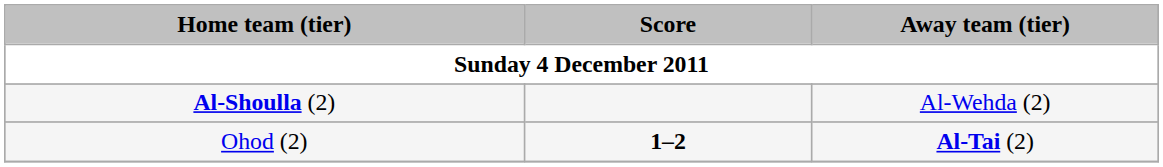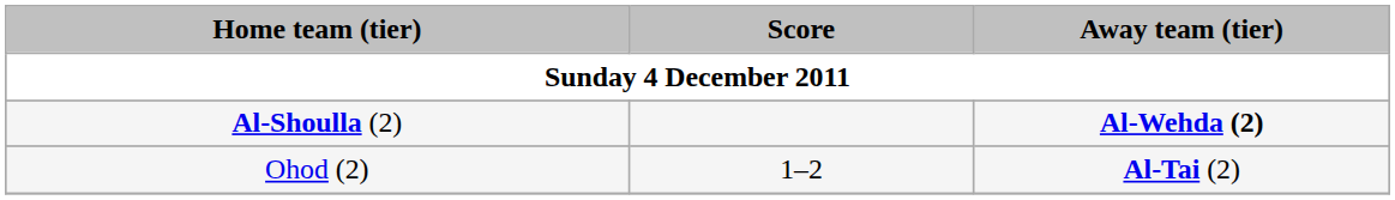 <table class="wikitable" style="width: 700px; background:WhiteSmoke; text-align:center; font-size:90%">
 <tr>
 <td scope="col" style="width: 45%; background:silver;"><strong>Home team (tier)</strong></td>
 <td scope="col" style="width: 25%; background:silver;"><strong>Score</strong></td>
 <td scope="col" style="width: 45%; background:silver;"><strong>Away team (tier)</strong></td>
 </tr>
 <tr>
 <td colspan="5" style= background:White><strong>Sunday 4 December 2011</strong></td>
 </tr>
 <tr>
 <td><strong><a href='#'>Al-Shoulla</a></strong> (2)</td>
 <td></td>
-<td><a href='#'>Al-Wehda</a> (2)</td>
+<td><strong><a href='#'>Al-Wehda</a> (2)</strong></td>
 </tr>
 <tr>
 <td><a href='#'>Ohod</a> (2)</td>
-<td><strong>1–2 </strong></td>
+<td>1–2 </td>
 <td><strong><a href='#'>Al-Tai</a></strong> (2)</td>
 </tr>
 <tr>
 </tr>
 </table>
